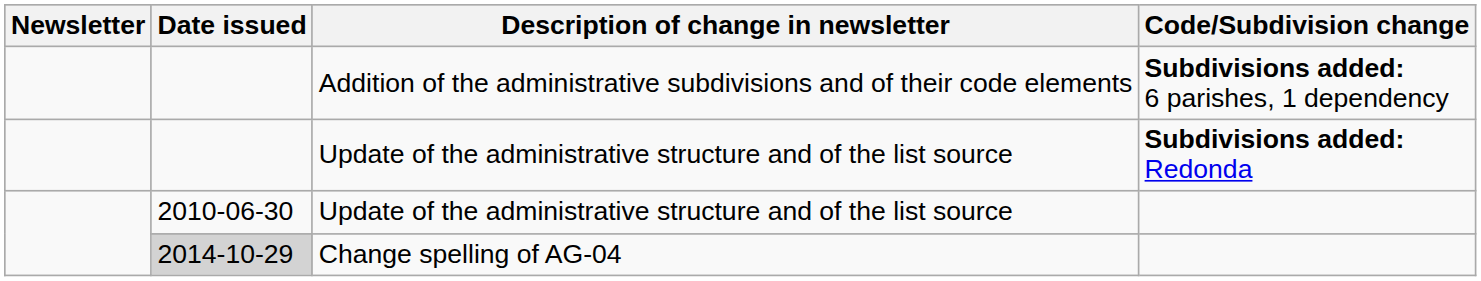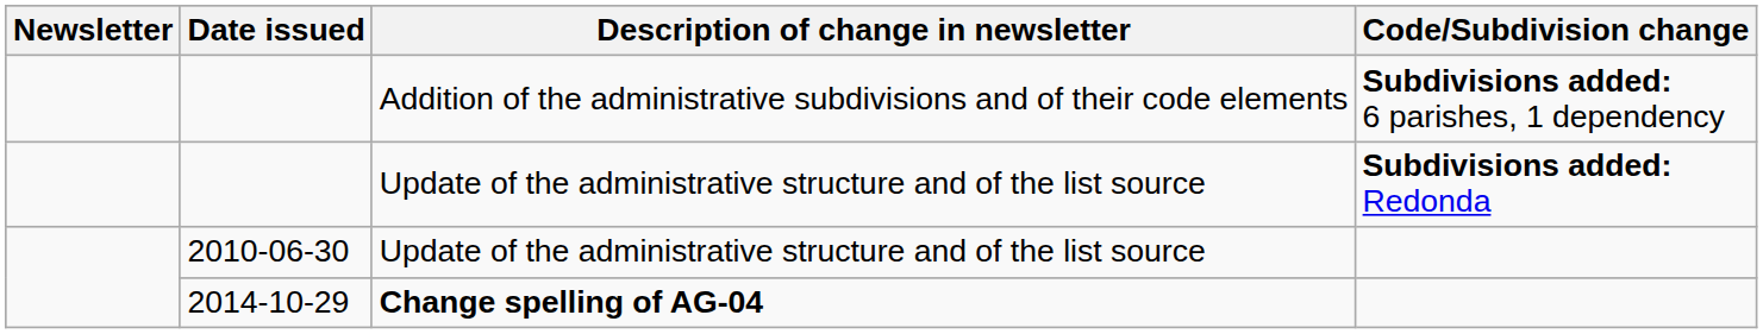 <table class="wikitable">
 <tr>
 <th>Newsletter</th>
 <th>Date issued</th>
 <th>Description of change in newsletter</th>
 <th>Code/Subdivision change</th>
 </tr>
 <tr>
 <td id="I-8"></td>
 <td></td>
 <td>Addition of the administrative subdivisions and of their code elements</td>
 <td style=white-space:nowrap><strong>Subdivisions added:</strong><br> 6 parishes, 1 dependency</td>
 </tr>
 <tr>
 <td id="II-2"></td>
 <td></td>
 <td>Update of the administrative structure and of the list source</td>
 <td style=white-space:nowrap><strong>Subdivisions added:</strong><br>  <a href='#'>Redonda</a></td>
 </tr>
 <tr>
 <td rowspan="2"></td>
 <td>2010-06-30</td>
 <td>Update of the administrative structure and of the list source</td>
 <td></td>
 </tr>
 <tr>
-<td style="background: lightgrey;">2014-10-29</td>
-<td>Change spelling of AG-04</td>
+<td>2014-10-29</td>
+<td><strong>Change spelling of AG-04</strong></td>
 <td></td>
 </tr>
 </table>
